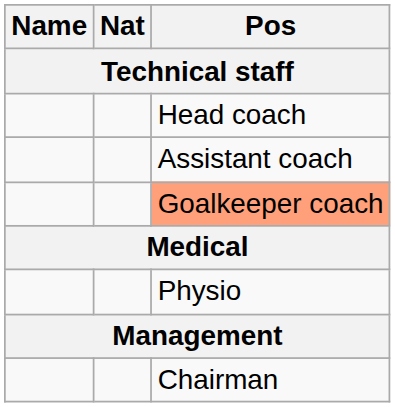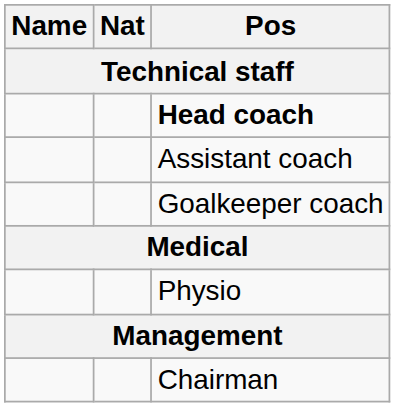 <table class="wikitable ve-ce-branchNode ve-ce-tableNode">
 <tr>
 <th>Name</th>
 <th>Nat</th>
 <th>Pos</th>
 </tr>
 <tr>
 <th colspan="4">Technical staff</th>
 </tr>
 <tr>
 <td></td>
 <td></td>
-<td>Head coach</td>
+<td><strong>Head coach</strong></td>
 </tr>
 <tr>
 <td></td>
 <td></td>
 <td>Assistant coach</td>
 </tr>
 <tr>
 <td></td>
 <td></td>
-<td style="background: lightsalmon;">Goalkeeper coach</td>
+<td>Goalkeeper coach</td>
 </tr>
 <tr>
 <th colspan="4">Medical</th>
 </tr>
 <tr>
 <td></td>
 <td></td>
 <td>Physio</td>
 </tr>
 <tr>
 <th colspan="4">Management</th>
 </tr>
 <tr>
 <td></td>
 <td></td>
 <td>Chairman</td>
 </tr>
 </table>
